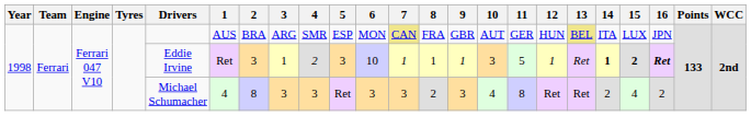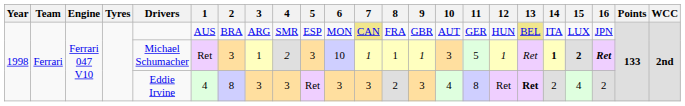 <table class="wikitable" style="text-align:center; font-size:95%">
 <tr>
 <th>Year</th>
 <th>Team</th>
 <th>Engine</th>
 <th>Tyres</th>
 <th>Drivers</th>
 <th>1</th>
 <th>2</th>
 <th>3</th>
 <th>4</th>
 <th>5</th>
 <th>6</th>
 <th>7</th>
 <th>8</th>
 <th>9</th>
 <th>10</th>
 <th>11</th>
 <th>12</th>
 <th>13</th>
 <th>14</th>
 <th>15</th>
 <th>16</th>
 <th>Points</th>
 <th>WCC</th>
 </tr>
 <tr>
 <td rowspan="3"><a href='#'>1998</a></td>
 <td rowspan="3"><a href='#'>Ferrari</a></td>
 <td rowspan="3"><a href='#'>Ferrari 047</a> <a href='#'>V10</a></td>
 <td rowspan="3"></td>
 <td></td>
 <td><a href='#'>AUS</a></td>
 <td><a href='#'>BRA</a></td>
 <td><a href='#'>ARG</a></td>
 <td><a href='#'>SMR</a></td>
 <td><a href='#'>ESP</a></td>
 <td><a href='#'>MON</a></td>
 <td style="background: khaki;"><a href='#'>CAN</a></td>
 <td><a href='#'>FRA</a></td>
 <td><a href='#'>GBR</a></td>
 <td><a href='#'>AUT</a></td>
 <td><a href='#'>GER</a></td>
 <td><a href='#'>HUN</a></td>
 <td style="background: khaki;"><a href='#'>BEL</a></td>
 <td><a href='#'>ITA</a></td>
 <td><a href='#'>LUX</a></td>
 <td><a href='#'>JPN</a></td>
 <td rowspan="3" style="background:#DFDFDF;"><strong>133</strong></td>
 <td rowspan="3" style="background:#DFDFDF;"><strong>2nd</strong></td>
 </tr>
 <tr>
-<td><a href='#'>Eddie Irvine</a></td>
+<td><a href='#'>Michael Schumacher</a></td>
 <td style="background:#EFCFFF;">Ret</td>
 <td style="background:#FFDF9F;">3</td>
 <td style="background:#FFFFBF;">1</td>
 <td style="background:#DFDFDF;"><em>2</em></td>
 <td style="background:#FFDF9F;">3</td>
 <td style="background:#CFCFFF;">10</td>
 <td style="background:#FFFFBF;"><em>1</em></td>
 <td style="background:#FFFFBF;">1</td>
 <td style="background:#FFFFBF;"><em>1</em></td>
 <td style="background:#FFDF9F;">3</td>
 <td style="background:#DFFFDF;">5</td>
 <td style="background:#FFFFBF;"><em>1</em></td>
 <td style="background:#EFCFFF;"><em>Ret</em></td>
 <td style="background:#FFFFBF;"><strong>1</strong></td>
 <td style="background:#DFDFDF;"><strong>2</strong></td>
 <td style="background:#EFCFFF;"><strong><em>Ret</em></strong></td>
 </tr>
 <tr>
-<td><a href='#'>Michael Schumacher</a></td>
+<td><a href='#'>Eddie Irvine</a></td>
 <td style="background:#DFFFDF;">4</td>
 <td style="background:#CFCFFF;">8</td>
 <td style="background:#FFDF9F;">3</td>
 <td style="background:#FFDF9F;">3</td>
 <td style="background:#EFCFFF;">Ret</td>
 <td style="background:#FFDF9F;">3</td>
 <td style="background:#FFDF9F;">3</td>
 <td style="background:#DFDFDF;">2</td>
 <td style="background:#FFDF9F;">3</td>
 <td style="background:#DFFFDF;">4</td>
 <td style="background:#CFCFFF;">8</td>
 <td style="background:#EFCFFF;">Ret</td>
-<td style="background:#EFCFFF;">Ret</td>
+<td style="background:#EFCFFF;"><strong>Ret</strong></td>
 <td style="background:#DFDFDF;">2</td>
 <td style="background:#DFFFDF;">4</td>
 <td style="background:#DFDFDF;">2</td>
 </tr>
 </table>
